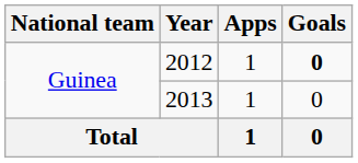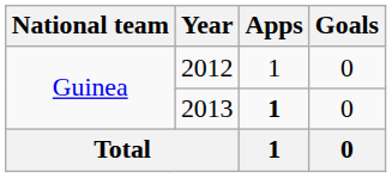 <table class=wikitable style=text-align:center>
 <tr>
 <th>National team</th>
 <th>Year</th>
 <th>Apps</th>
 <th>Goals</th>
 </tr>
 <tr>
 <td rowspan="2"><a href='#'>Guinea</a></td>
 <td>2012</td>
 <td>1</td>
-<td><strong>0</strong></td>
+<td>0</td>
 </tr>
 <tr>
 <td>2013</td>
-<td>1</td>
+<td><strong>1</strong></td>
 <td>0</td>
 </tr>
 <tr>
 <th colspan="2">Total</th>
 <th>1</th>
 <th>0</th>
 </tr>
 </table>
